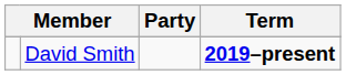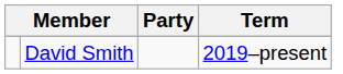 <table class="wikitable">
 <tr>
 <th colspan="2">Member</th>
 <th>Party</th>
 <th>Term</th>
 </tr>
 <tr>
 </tr>
 <tr>
 <td> </td>
 <td><a href='#'>David Smith</a></td>
 <td></td>
-<td><strong><a href='#'>2019</a>–present</strong></td>
+<td><a href='#'>2019</a>–present</td>
 </tr>
 </table>
